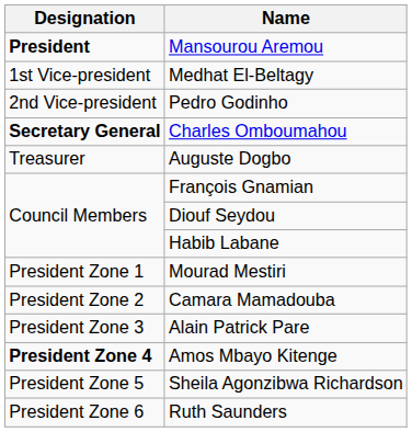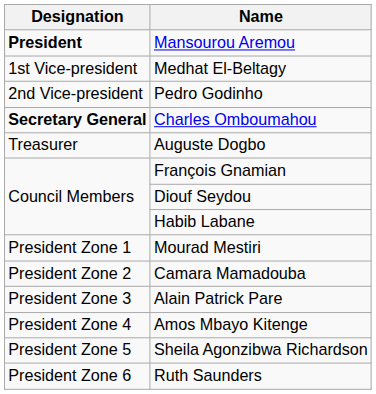 <table class="wikitable">
 <tr>
 <th>Designation</th>
 <th>Name</th>
 </tr>
 <tr>
 <td><strong>President</strong></td>
 <td> <a href='#'>Mansourou Aremou</a></td>
 </tr>
 <tr>
 <td>1st Vice-president</td>
 <td> Medhat El-Beltagy</td>
 </tr>
 <tr>
 <td>2nd Vice-president</td>
 <td> Pedro Godinho</td>
 </tr>
 <tr>
 <td><strong>Secretary General</strong></td>
 <td> <a href='#'>Charles Omboumahou</a></td>
 </tr>
 <tr>
 <td>Treasurer</td>
 <td> Auguste Dogbo</td>
 </tr>
 <tr>
 <td rowspan=3>Council Members</td>
 <td> François Gnamian</td>
 </tr>
 <tr>
 <td> Diouf Seydou</td>
 </tr>
 <tr>
 <td> Habib Labane</td>
 </tr>
 <tr>
 <td>President Zone 1</td>
 <td> Mourad Mestiri</td>
 </tr>
 <tr>
 <td>President Zone 2</td>
 <td> Camara Mamadouba</td>
 </tr>
 <tr>
 <td>President Zone 3</td>
 <td> Alain Patrick Pare</td>
 </tr>
 <tr>
-<td><strong>President Zone 4</strong></td>
+<td>President Zone 4</td>
 <td> Amos Mbayo Kitenge</td>
 </tr>
 <tr>
 <td>President Zone 5</td>
 <td> Sheila Agonzibwa Richardson</td>
 </tr>
 <tr>
 <td>President Zone 6</td>
 <td> Ruth Saunders</td>
 </tr>
 </table>
